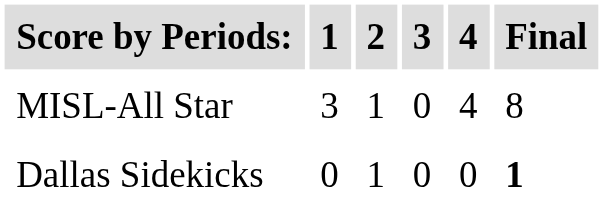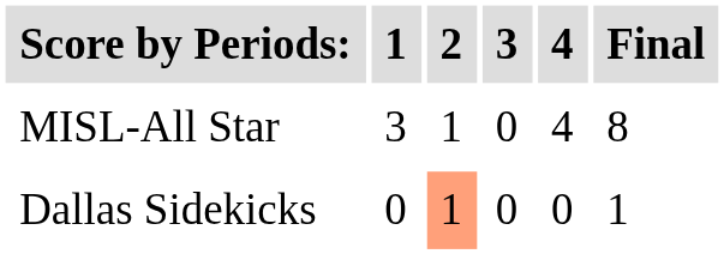 <table cellpadding=5>
 <tr bgcolor="#dddddd">
 <td><strong>Score by Periods:</strong></td>
 <td><strong>1</strong></td>
 <td><strong>2</strong></td>
 <td><strong>3</strong></td>
 <td><strong>4</strong></td>
 <td><strong>Final</strong></td>
 </tr>
 <tr>
 <td>MISL-All Star</td>
 <td>3</td>
 <td>1</td>
 <td>0</td>
 <td>4</td>
 <td>8</td>
 </tr>
 <tr>
 <td>Dallas Sidekicks</td>
 <td>0</td>
-<td>1</td>
+<td style="background: lightsalmon;">1</td>
 <td>0</td>
 <td>0</td>
-<td><strong>1</strong></td>
+<td>1</td>
 </tr>
 <tr>
 </tr>
 </table>
